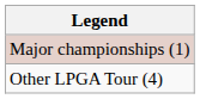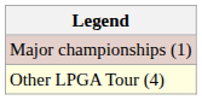 <table class="wikitable" style="font-size:95%;">
 <tr>
 <th>Legend</th>
 </tr>
 <tr style="background:#e5d1cb;">
 <td>Major championships (1)</td>
 </tr>
 <tr>
-<td>Other LPGA Tour (4)</td>
+<td style="background: lightyellow;">Other LPGA Tour (4)</td>
 </tr>
 </table>
